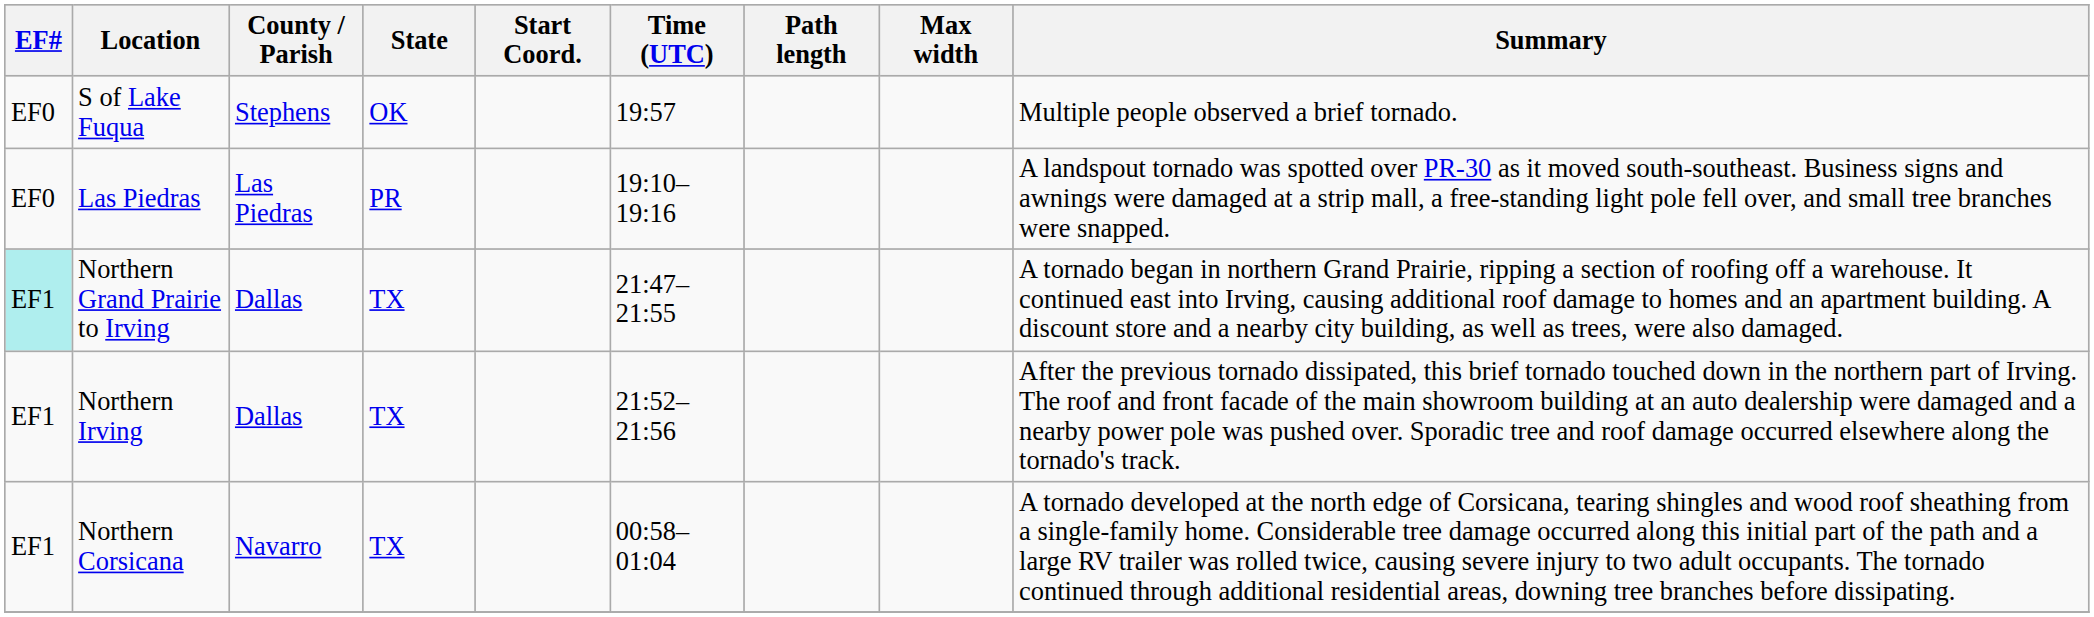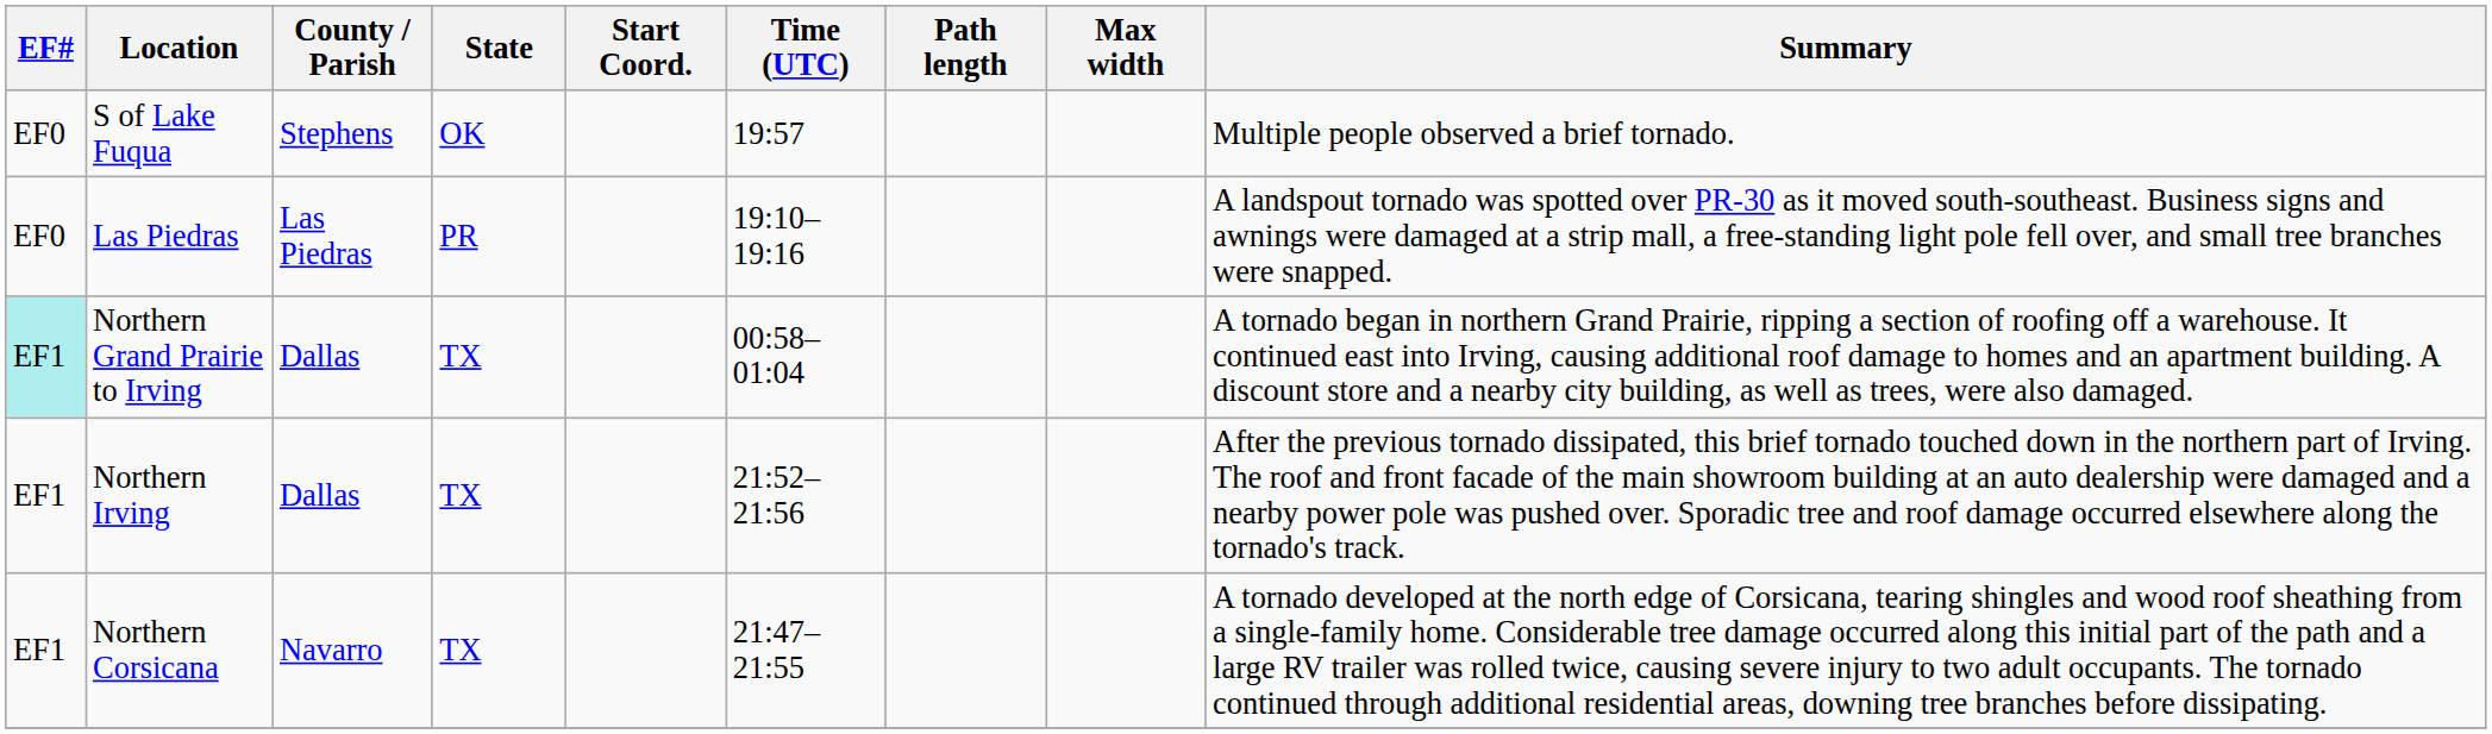 <table class="wikitable sortable" style="width:100%;">
 <tr>
 <th scope="col"  style="width:3%; text-align:center;"><a href='#'>EF#</a></th>
 <th scope="col"  style="width:7%; text-align:center;" class="unsortable">Location</th>
 <th scope="col"  style="width:6%; text-align:center;" class="unsortable">County / Parish</th>
 <th scope="col"  style="width:5%; text-align:center;">State</th>
 <th scope="col"  style="width:6%; text-align:center;">Start Coord.</th>
 <th scope="col"  style="width:6%; text-align:center;">Time (<a href='#'>UTC</a>)</th>
 <th scope="col"  style="width:6%; text-align:center;">Path length</th>
 <th scope="col"  style="width:6%; text-align:center;">Max width</th>
 <th scope="col" class="unsortable" style="width:48%; text-align:center;">Summary</th>
 </tr>
 <tr>
 <td>EF0</td>
 <td>S of <a href='#'>Lake Fuqua</a></td>
 <td><a href='#'>Stephens</a></td>
 <td><a href='#'>OK</a></td>
 <td></td>
 <td>19:57</td>
 <td></td>
 <td></td>
 <td>Multiple people observed a brief tornado.</td>
 </tr>
 <tr>
 <td>EF0</td>
 <td><a href='#'>Las Piedras</a></td>
 <td><a href='#'>Las Piedras</a></td>
 <td><a href='#'>PR</a></td>
 <td></td>
 <td>19:10–19:16</td>
 <td></td>
 <td></td>
 <td>A landspout tornado was spotted over <a href='#'>PR-30</a> as it moved south-southeast. Business signs and awnings were damaged at a strip mall, a free-standing light pole fell over, and small tree branches were snapped.</td>
 </tr>
 <tr>
 <td style="background: paleturquoise;">EF1</td>
 <td>Northern <a href='#'>Grand Prairie</a> to <a href='#'>Irving</a></td>
 <td><a href='#'>Dallas</a></td>
 <td><a href='#'>TX</a></td>
 <td></td>
-<td>21:47–21:55</td>
+<td>00:58–01:04</td>
 <td></td>
 <td></td>
 <td>A tornado began in northern Grand Prairie, ripping a section of roofing off a warehouse. It continued east into Irving, causing additional roof damage to homes and an apartment building. A discount store and a nearby city building, as well as trees, were also damaged.</td>
 </tr>
 <tr>
 <td>EF1</td>
 <td>Northern <a href='#'>Irving</a></td>
 <td><a href='#'>Dallas</a></td>
 <td><a href='#'>TX</a></td>
 <td></td>
 <td>21:52–21:56</td>
 <td></td>
 <td></td>
 <td>After the previous tornado dissipated, this brief tornado touched down in the northern part of Irving. The roof and front facade of the main showroom building at an auto dealership were damaged and a nearby power pole was pushed over. Sporadic tree and roof damage occurred elsewhere along the tornado's track.</td>
 </tr>
 <tr>
 <td>EF1</td>
 <td>Northern <a href='#'>Corsicana</a></td>
 <td><a href='#'>Navarro</a></td>
 <td><a href='#'>TX</a></td>
 <td></td>
-<td>00:58–01:04</td>
+<td>21:47–21:55</td>
 <td></td>
 <td></td>
 <td>A tornado developed at the north edge of Corsicana, tearing shingles and wood roof sheathing from a single-family home. Considerable tree damage occurred along this initial part of the path and a large RV trailer was rolled twice, causing severe injury to two adult occupants. The tornado continued through additional residential areas, downing tree branches before dissipating.</td>
 </tr>
 <tr>
 </tr>
 </table>
